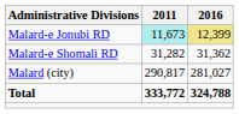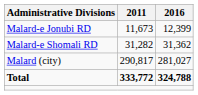 <table class="wikitable">
 <tr>
 <th>Administrative Divisions</th>
 <th>2011</th>
 <th>2016</th>
 </tr>
 <tr>
 <td><a href='#'>Malard-e Jonubi RD</a></td>
-<td style="background: paleturquoise; text-align: right;">11,673</td>
-<td style="background: khaki; text-align: right;">12,399</td>
+<td style="text-align: right;">11,673</td>
+<td style="text-align: right;">12,399</td>
 </tr>
 <tr>
 <td><a href='#'>Malard-e Shomali RD</a></td>
 <td style="text-align: right;">31,282</td>
 <td style="text-align: right;">31,362</td>
 </tr>
 <tr>
 <td><a href='#'>Malard</a> (city)</td>
 <td style="text-align: right;">290,817</td>
 <td style="text-align: right;">281,027</td>
 </tr>
 <tr>
 <td><strong>Total</strong></td>
 <td style="text-align: right;"><strong>333,772</strong></td>
 <td style="text-align: right;"><strong>324,788</strong></td>
 </tr>
 <tr>
 <td colspan=3></td>
 </tr>
 </table>
